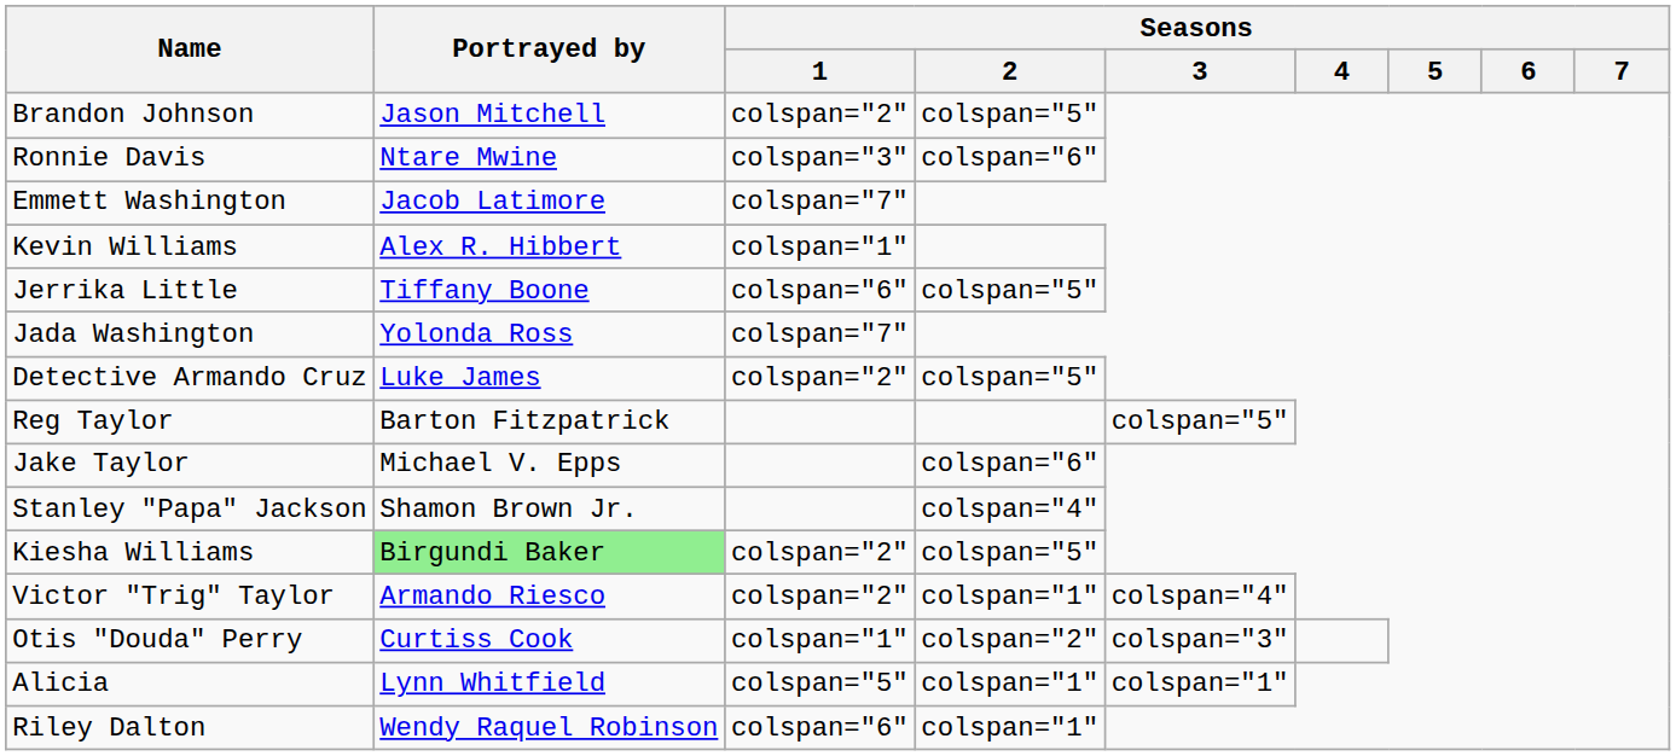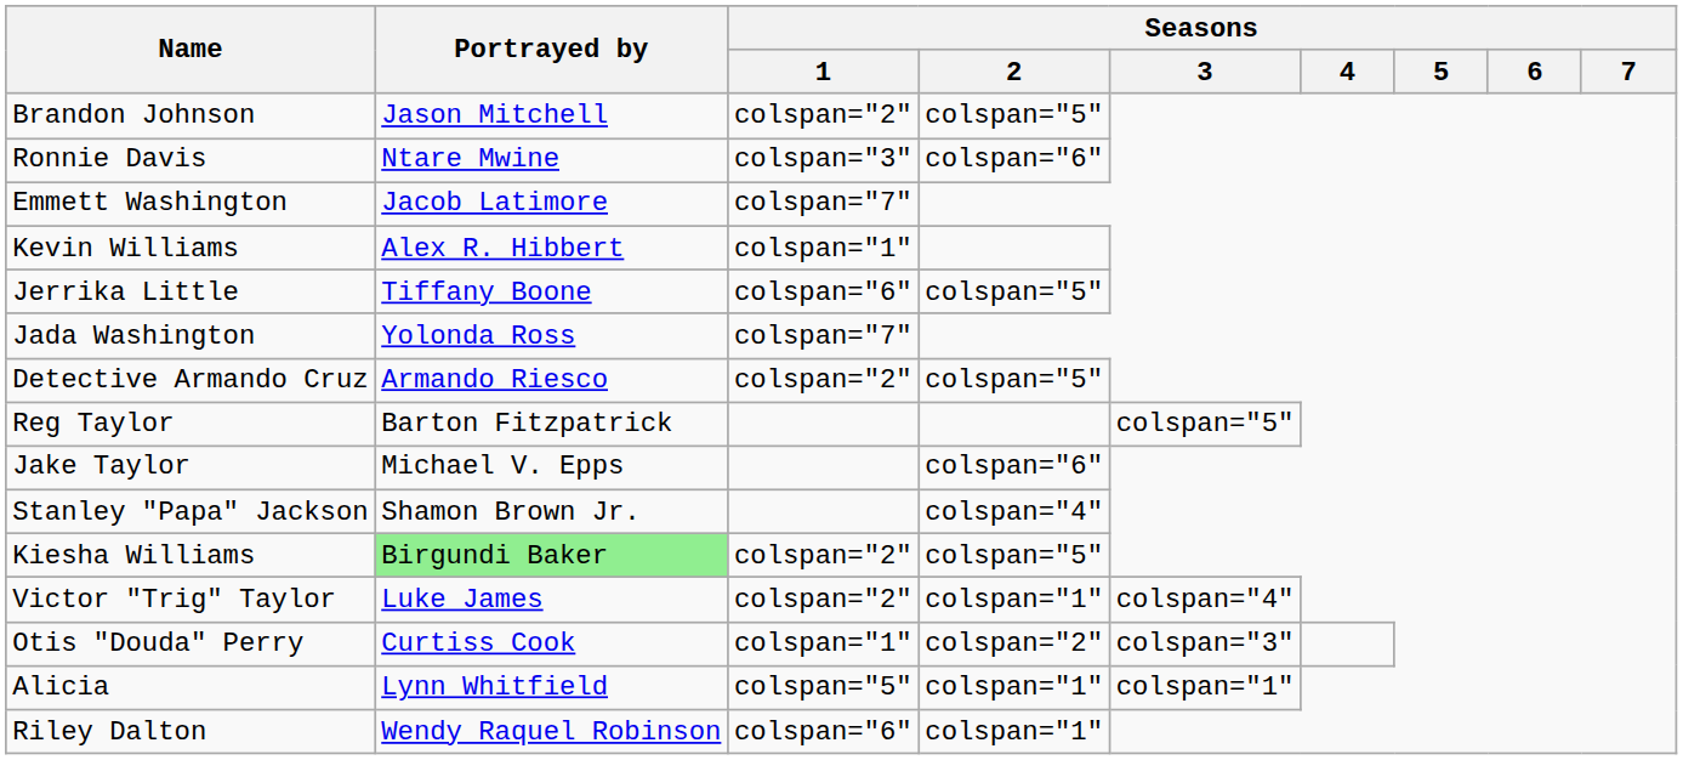 <table class="wikitable plainrowheaders">
 <tr>
 <th scope="col" rowspan="2">Name</th>
 <th scope="col" rowspan="2">Portrayed by</th>
 <th scope="col" colspan="7">Seasons</th>
 </tr>
 <tr>
 <th scope="col" style="width:3em;">1</th>
 <th scope="col" style="width:3em;">2</th>
 <th scope="col" style="width:3em;">3</th>
 <th scope="col" style="width:3em;">4</th>
 <th scope="col" style="width:3em;">5</th>
 <th scope="col" style="width:3em;">6</th>
 <th scope="col" style="width:3em;">7</th>
 </tr>
 <tr>
 <td scope="row">Brandon Johnson</td>
 <td><a href='#'>Jason Mitchell</a></td>
 <td>colspan="2" </td>
 <td>colspan="5" </td>
 </tr>
 <tr>
 <td scope="row">Ronnie Davis</td>
 <td><a href='#'>Ntare Mwine</a></td>
 <td>colspan="3" </td>
 <td>colspan="6" </td>
 </tr>
 <tr>
 <td scope="row">Emmett Washington</td>
 <td><a href='#'>Jacob Latimore</a></td>
 <td>colspan="7" </td>
 </tr>
 <tr>
 <td scope="row">Kevin Williams</td>
 <td><a href='#'>Alex R. Hibbert</a></td>
 <td>colspan="1" </td>
 <td></td>
 </tr>
 <tr>
 <td scope="row">Jerrika Little</td>
 <td><a href='#'>Tiffany Boone</a></td>
 <td>colspan="6" </td>
 <td>colspan="5" </td>
 </tr>
 <tr>
 <td scope="row">Jada Washington</td>
 <td><a href='#'>Yolonda Ross</a></td>
 <td>colspan="7" </td>
 </tr>
 <tr>
 <td scope="row">Detective Armando Cruz</td>
-<td><a href='#'>Luke James</a></td>
+<td><a href='#'>Armando Riesco</a></td>
 <td>colspan="2" </td>
 <td>colspan="5" </td>
 </tr>
 <tr>
 <td scope="row">Reg Taylor</td>
 <td>Barton Fitzpatrick</td>
 <td></td>
 <td></td>
 <td>colspan="5" </td>
 </tr>
 <tr>
 <td scope="row">Jake Taylor</td>
 <td>Michael V. Epps</td>
 <td></td>
 <td>colspan="6" </td>
 </tr>
 <tr>
 <td scope="row">Stanley "Papa" Jackson</td>
 <td>Shamon Brown Jr.</td>
 <td></td>
 <td>colspan="4" </td>
 </tr>
 <tr>
 <td scope="row">Kiesha Williams</td>
 <td style="background: lightgreen;">Birgundi Baker</td>
 <td>colspan="2" </td>
 <td>colspan="5" </td>
 </tr>
 <tr>
 <td scope="row">Victor "Trig" Taylor</td>
-<td><a href='#'>Armando Riesco</a></td>
+<td><a href='#'>Luke James</a></td>
 <td>colspan="2" </td>
 <td>colspan="1" </td>
 <td>colspan="4" </td>
 </tr>
 <tr>
 <td scope="row">Otis "Douda" Perry</td>
 <td><a href='#'>Curtiss Cook</a></td>
 <td>colspan="1" </td>
 <td>colspan="2" </td>
 <td>colspan="3" </td>
 <td></td>
 </tr>
 <tr>
 <td>Alicia</td>
 <td scope="row"><a href='#'>Lynn Whitfield</a></td>
 <td>colspan="5" </td>
 <td>colspan="1" </td>
 <td>colspan="1" </td>
 </tr>
 <tr>
 <td>Riley Dalton</td>
 <td><a href='#'>Wendy Raquel Robinson</a></td>
 <td>colspan="6" </td>
 <td>colspan="1" </td>
 </tr>
 </table>
